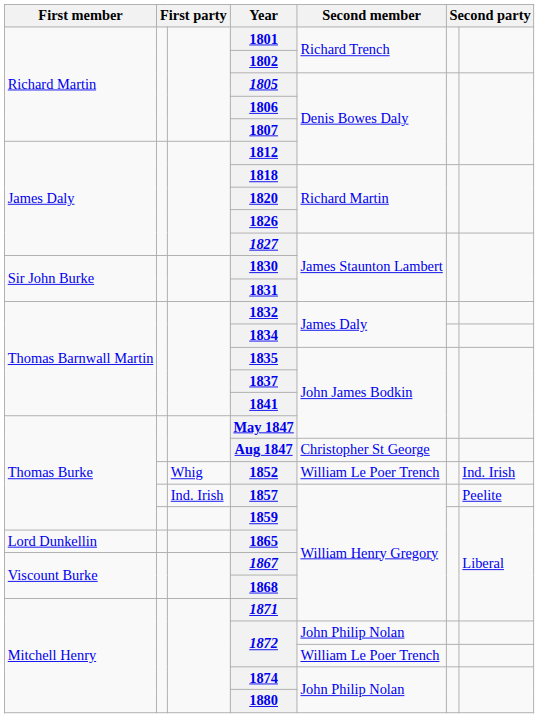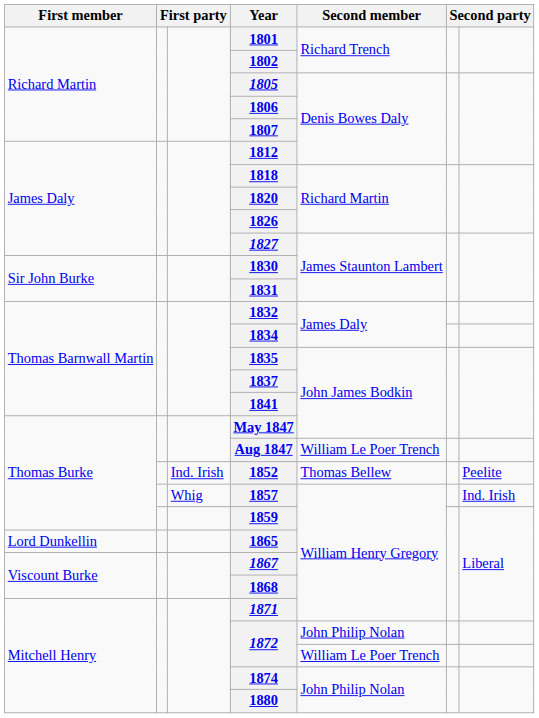 <table class="wikitable">
 <tr>
 <th scope="col">First member</th>
 <th colspan="2" scope="col">First party</th>
 <th scope="col">Year</th>
 <th scope="col">Second member</th>
 <th colspan="2" scope="col">Second party</th>
 </tr>
 <tr>
 <td rowspan="5"><a href='#'>Richard Martin</a></td>
 <td rowspan="5" style="color:inherit;background: "> </td>
 <td rowspan="5"><a href='#'></a></td>
 <th scope="row"><a href='#'>1801</a></th>
 <td rowspan="2"><a href='#'>Richard Trench</a></td>
 <td rowspan="2" style="color:inherit;background: "> </td>
 <td rowspan="2"><a href='#'></a></td>
 </tr>
 <tr>
 <th scope="row"><a href='#'>1802</a></th>
 </tr>
 <tr>
 <th scope="row"><em><a href='#'>1805</a></em></th>
 <td rowspan="4"><a href='#'>Denis Bowes Daly</a></td>
 <td rowspan="4" style="color:inherit;background: "> </td>
 <td rowspan="4"><a href='#'></a></td>
 </tr>
 <tr>
 <th scope="row"><a href='#'>1806</a></th>
 </tr>
 <tr>
 <th scope="row"><a href='#'>1807</a></th>
 </tr>
 <tr>
 <td rowspan="5"><a href='#'>James Daly</a></td>
 <td rowspan="5" style="color:inherit;background: "> </td>
 <td rowspan="5"><a href='#'></a></td>
 <th scope="row"><a href='#'>1812</a></th>
 </tr>
 <tr>
 <th scope="row"><a href='#'>1818</a></th>
 <td rowspan="3"><a href='#'>Richard Martin</a></td>
 <td rowspan="3" style="color:inherit;background: "> </td>
 <td rowspan="3"><a href='#'></a></td>
 </tr>
 <tr>
 <th scope="row"><a href='#'>1820</a></th>
 </tr>
 <tr>
 <th scope="row"><a href='#'>1826</a></th>
 </tr>
 <tr>
 <th scope="row"><em><a href='#'>1827</a></em></th>
 <td rowspan="3"><a href='#'>James Staunton Lambert</a></td>
 <td rowspan="3" style="color:inherit;background: "> </td>
 <td rowspan="3"><a href='#'></a></td>
 </tr>
 <tr>
 <td rowspan="2"><a href='#'>Sir John Burke</a></td>
 <td rowspan="2" style="color:inherit;background: "> </td>
 <td rowspan="2"><a href='#'></a></td>
 <th scope="row"><a href='#'>1830</a></th>
 </tr>
 <tr>
 <th scope="row"><a href='#'>1831</a></th>
 </tr>
 <tr>
 <td rowspan="5"><a href='#'>Thomas Barnwall Martin</a></td>
 <td rowspan="5" style="color:inherit;background: "> </td>
 <td rowspan="5"><a href='#'></a></td>
 <th scope="row"><a href='#'>1832</a></th>
 <td rowspan="2"><a href='#'>James Daly</a></td>
 <td style="color:inherit;background: "> </td>
 <td><a href='#'></a></td>
 </tr>
 <tr>
 <th scope="row"><a href='#'>1834</a></th>
 <td style="color:inherit;background: "> </td>
 <td><a href='#'></a></td>
 </tr>
 <tr>
 <th scope="row"><a href='#'>1835</a></th>
 <td rowspan="4"><a href='#'>John James Bodkin</a></td>
 <td rowspan="4" style="color:inherit;background: "> </td>
 <td rowspan="4"><a href='#'></a></td>
 </tr>
 <tr>
 <th scope="row"><a href='#'>1837</a></th>
 </tr>
 <tr>
 <th scope="row"><a href='#'>1841</a></th>
 </tr>
 <tr>
 <td rowspan="5"><a href='#'>Thomas Burke</a></td>
 <td rowspan="2" style="color:inherit;background: "> </td>
 <td rowspan="2"><a href='#'></a></td>
 <th scope="row"><a href='#'>May 1847</a></th>
 </tr>
 <tr>
 <th scope="row"><a href='#'>Aug 1847</a></th>
-<td><a href='#'>Christopher St George</a></td>
+<td><a href='#'>William Le Poer Trench</a></td>
 <td style="color:inherit;background: "> </td>
 <td><a href='#'></a></td>
 </tr>
 <tr>
 <td style="color:inherit;background: "> </td>
-<td><a href='#'>Whig</a></td>
+<td><a href='#'>Ind. Irish</a></td>
 <th scope="row"><a href='#'>1852</a></th>
-<td><a href='#'>William Le Poer Trench</a></td>
+<td><a href='#'>Thomas Bellew</a></td>
 <td style="color:inherit;background: "> </td>
-<td><a href='#'>Ind. Irish</a></td>
+<td><a href='#'>Peelite</a></td>
 </tr>
 <tr>
 <td style="color:inherit;background: "> </td>
-<td><a href='#'>Ind. Irish</a></td>
+<td><a href='#'>Whig</a></td>
 <th scope="row"><a href='#'>1857</a></th>
 <td rowspan="6"><a href='#'>William Henry Gregory</a></td>
 <td style="color:inherit;background: "> </td>
-<td><a href='#'>Peelite</a></td>
+<td><a href='#'>Ind. Irish</a></td>
 </tr>
 <tr>
 <td style="color:inherit;background: "> </td>
 <td><a href='#'></a></td>
 <th scope="row"><a href='#'>1859</a></th>
 <td rowspan="5" style="color:inherit;background: "> </td>
 <td rowspan="5"><a href='#'>Liberal</a></td>
 </tr>
 <tr>
 <td><a href='#'>Lord Dunkellin</a></td>
 <td style="color:inherit;background: "> </td>
 <td><a href='#'></a></td>
 <th scope="row"><a href='#'>1865</a></th>
 </tr>
 <tr>
 <td rowspan="2"><a href='#'>Viscount Burke</a></td>
 <td rowspan="2" style="color:inherit;background: "> </td>
 <td rowspan="2"><a href='#'></a></td>
 <th scope="row"><em><a href='#'>1867</a></em></th>
 </tr>
 <tr>
 <th scope="row"><a href='#'>1868</a></th>
 </tr>
 <tr>
 <td rowspan="5"><a href='#'>Mitchell Henry</a></td>
 <td rowspan="5" style="color:inherit;background: "> </td>
 <td rowspan="5"><a href='#'></a></td>
 <th scope="row"><em><a href='#'>1871</a></em></th>
 </tr>
 <tr>
 <th rowspan="2" scope="row"><em><a href='#'>1872</a></em></th>
 <td><a href='#'>John Philip Nolan</a></td>
 <td style="color:inherit;background: "> </td>
 <td><a href='#'></a></td>
 </tr>
 <tr>
 <td><a href='#'>William Le Poer Trench</a></td>
 <td style="color:inherit;background: "> </td>
 <td><a href='#'></a></td>
 </tr>
 <tr>
 <th scope="row"><a href='#'>1874</a></th>
 <td rowspan="2"><a href='#'>John Philip Nolan</a></td>
 <td rowspan="2" style="color:inherit;background: "> </td>
 <td rowspan="2"><a href='#'></a></td>
 </tr>
 <tr>
 <th scope="row"><a href='#'>1880</a></th>
 </tr>
 </table>
